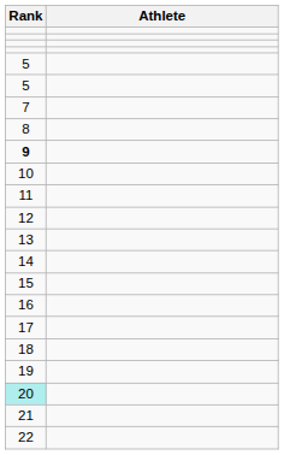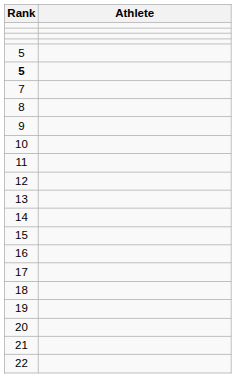 <table class="wikitable" style="text-align: center;">
 <tr>
 <th width=40>Rank</th>
 <th width=260>Athlete</th>
 </tr>
 <tr>
 <td></td>
 <td align="left"></td>
 </tr>
 <tr>
 <td></td>
 <td align="left"></td>
 </tr>
 <tr>
 <td></td>
 <td align="left"></td>
 </tr>
 <tr>
 <td></td>
 <td align="left"></td>
 </tr>
 <tr>
 <td>5</td>
 <td align="left"></td>
 </tr>
 <tr>
-<td>5</td>
+<td><strong>5</strong></td>
 <td align="left"></td>
 </tr>
 <tr>
 <td>7</td>
 <td align="left"></td>
 </tr>
 <tr>
 <td>8</td>
 <td align="left"></td>
 </tr>
 <tr>
-<td><strong>9</strong></td>
+<td>9</td>
 <td align="left"></td>
 </tr>
 <tr>
 <td>10</td>
 <td align="left"></td>
 </tr>
 <tr>
 <td>11</td>
 <td align="left"></td>
 </tr>
 <tr>
 <td>12</td>
 <td align="left"></td>
 </tr>
 <tr>
 <td>13</td>
 <td align="left"></td>
 </tr>
 <tr>
 <td>14</td>
 <td align="left"></td>
 </tr>
 <tr>
 <td>15</td>
 <td align="left"></td>
 </tr>
 <tr>
 <td>16</td>
 <td align="left"></td>
 </tr>
 <tr>
 <td>17</td>
 <td align="left"></td>
 </tr>
 <tr>
 <td>18</td>
 <td align="left"></td>
 </tr>
 <tr>
 <td>19</td>
 <td align="left"></td>
 </tr>
 <tr>
-<td style="background: paleturquoise;">20</td>
+<td>20</td>
 <td align="left"></td>
 </tr>
 <tr>
 <td>21</td>
 <td align="left"></td>
 </tr>
 <tr>
 <td>22</td>
 <td align="left"></td>
 </tr>
 </table>
